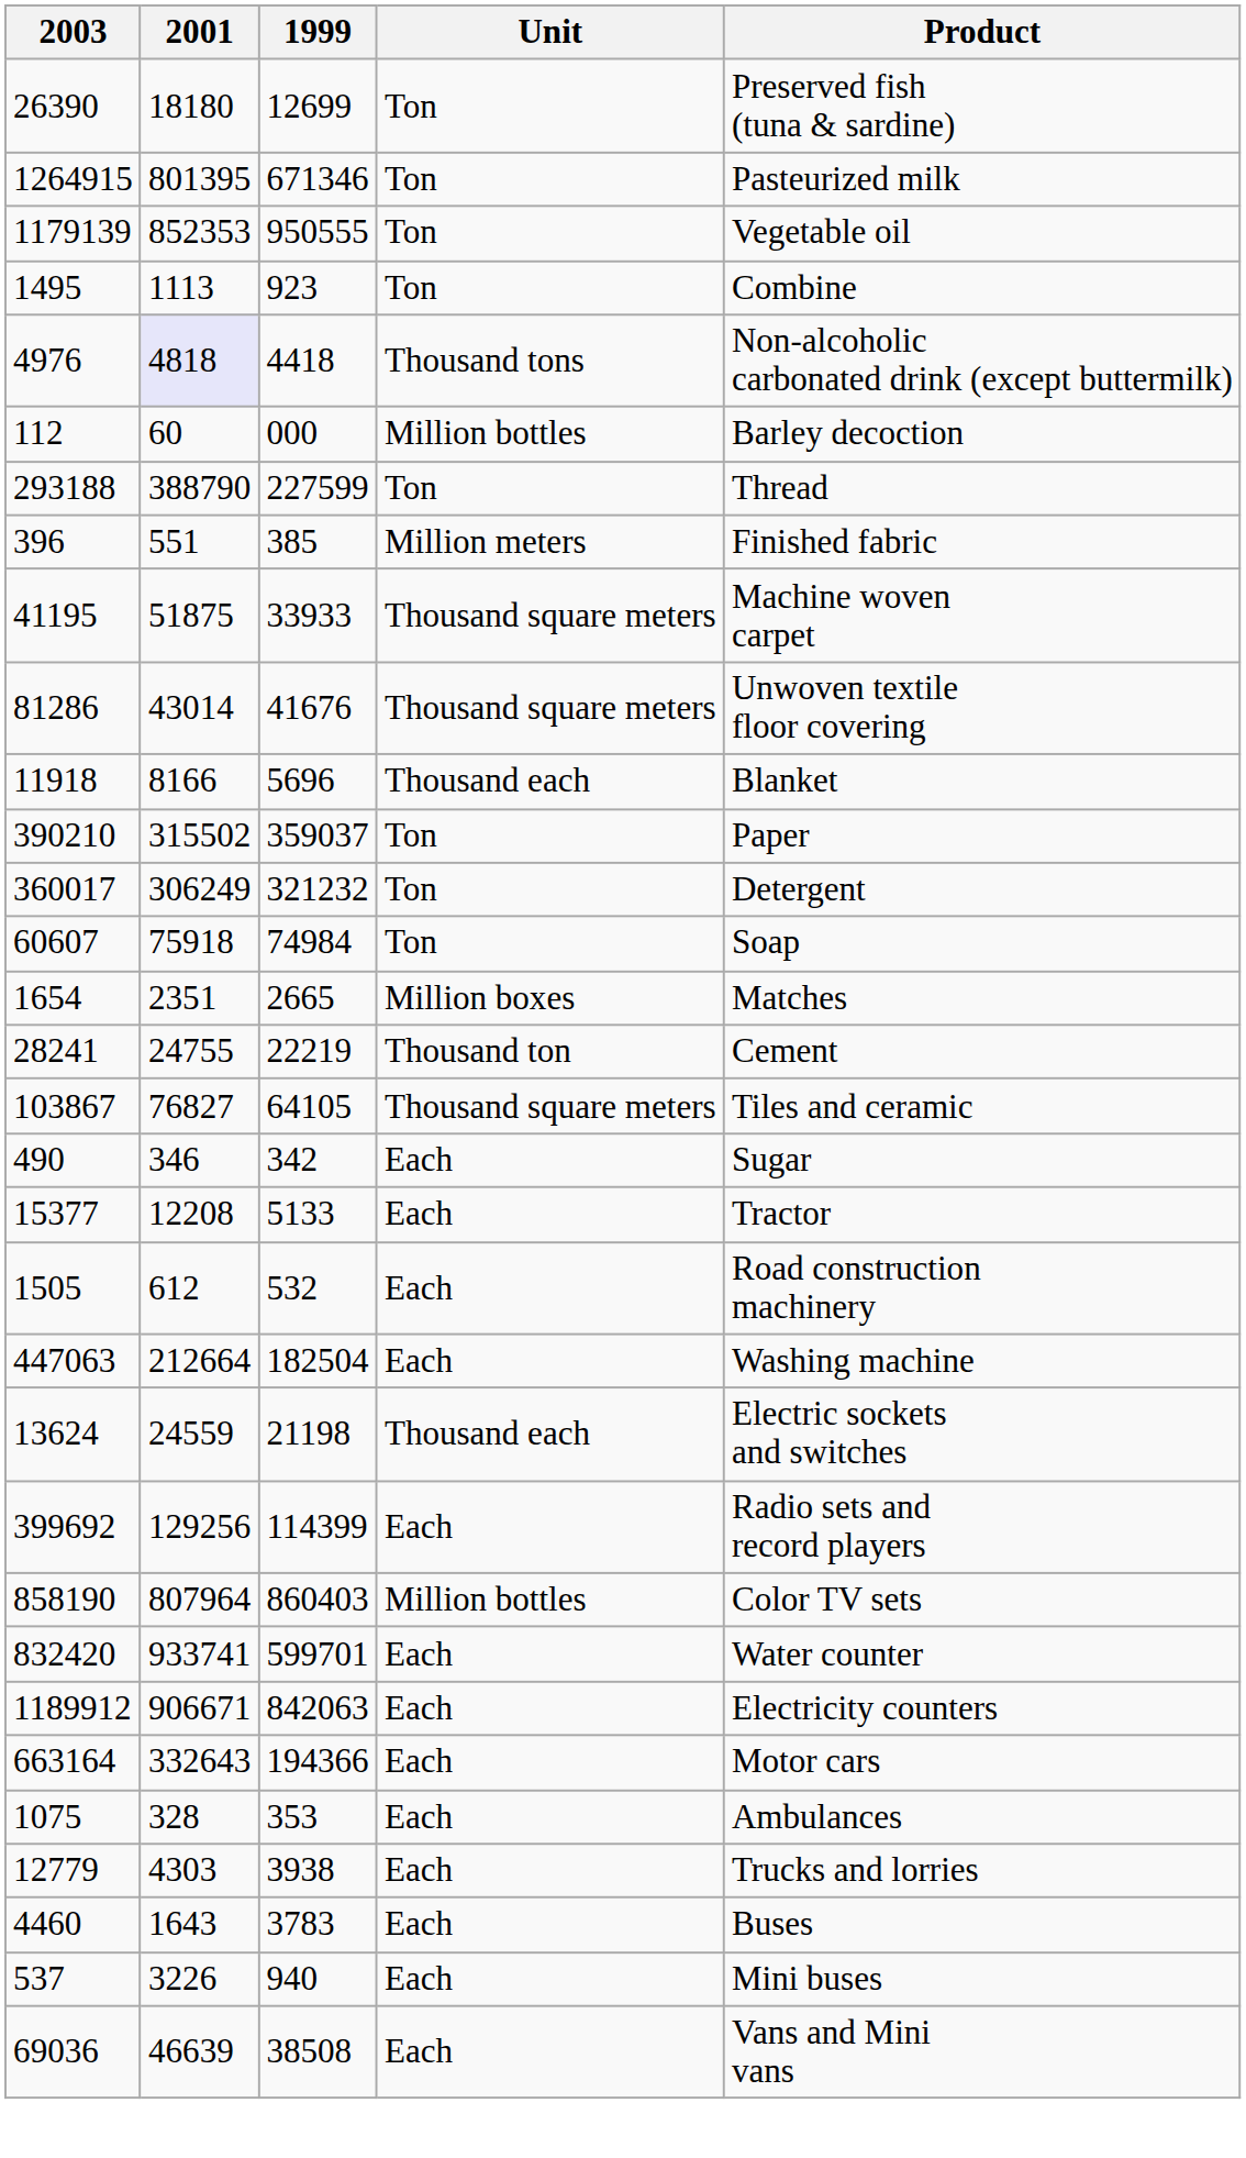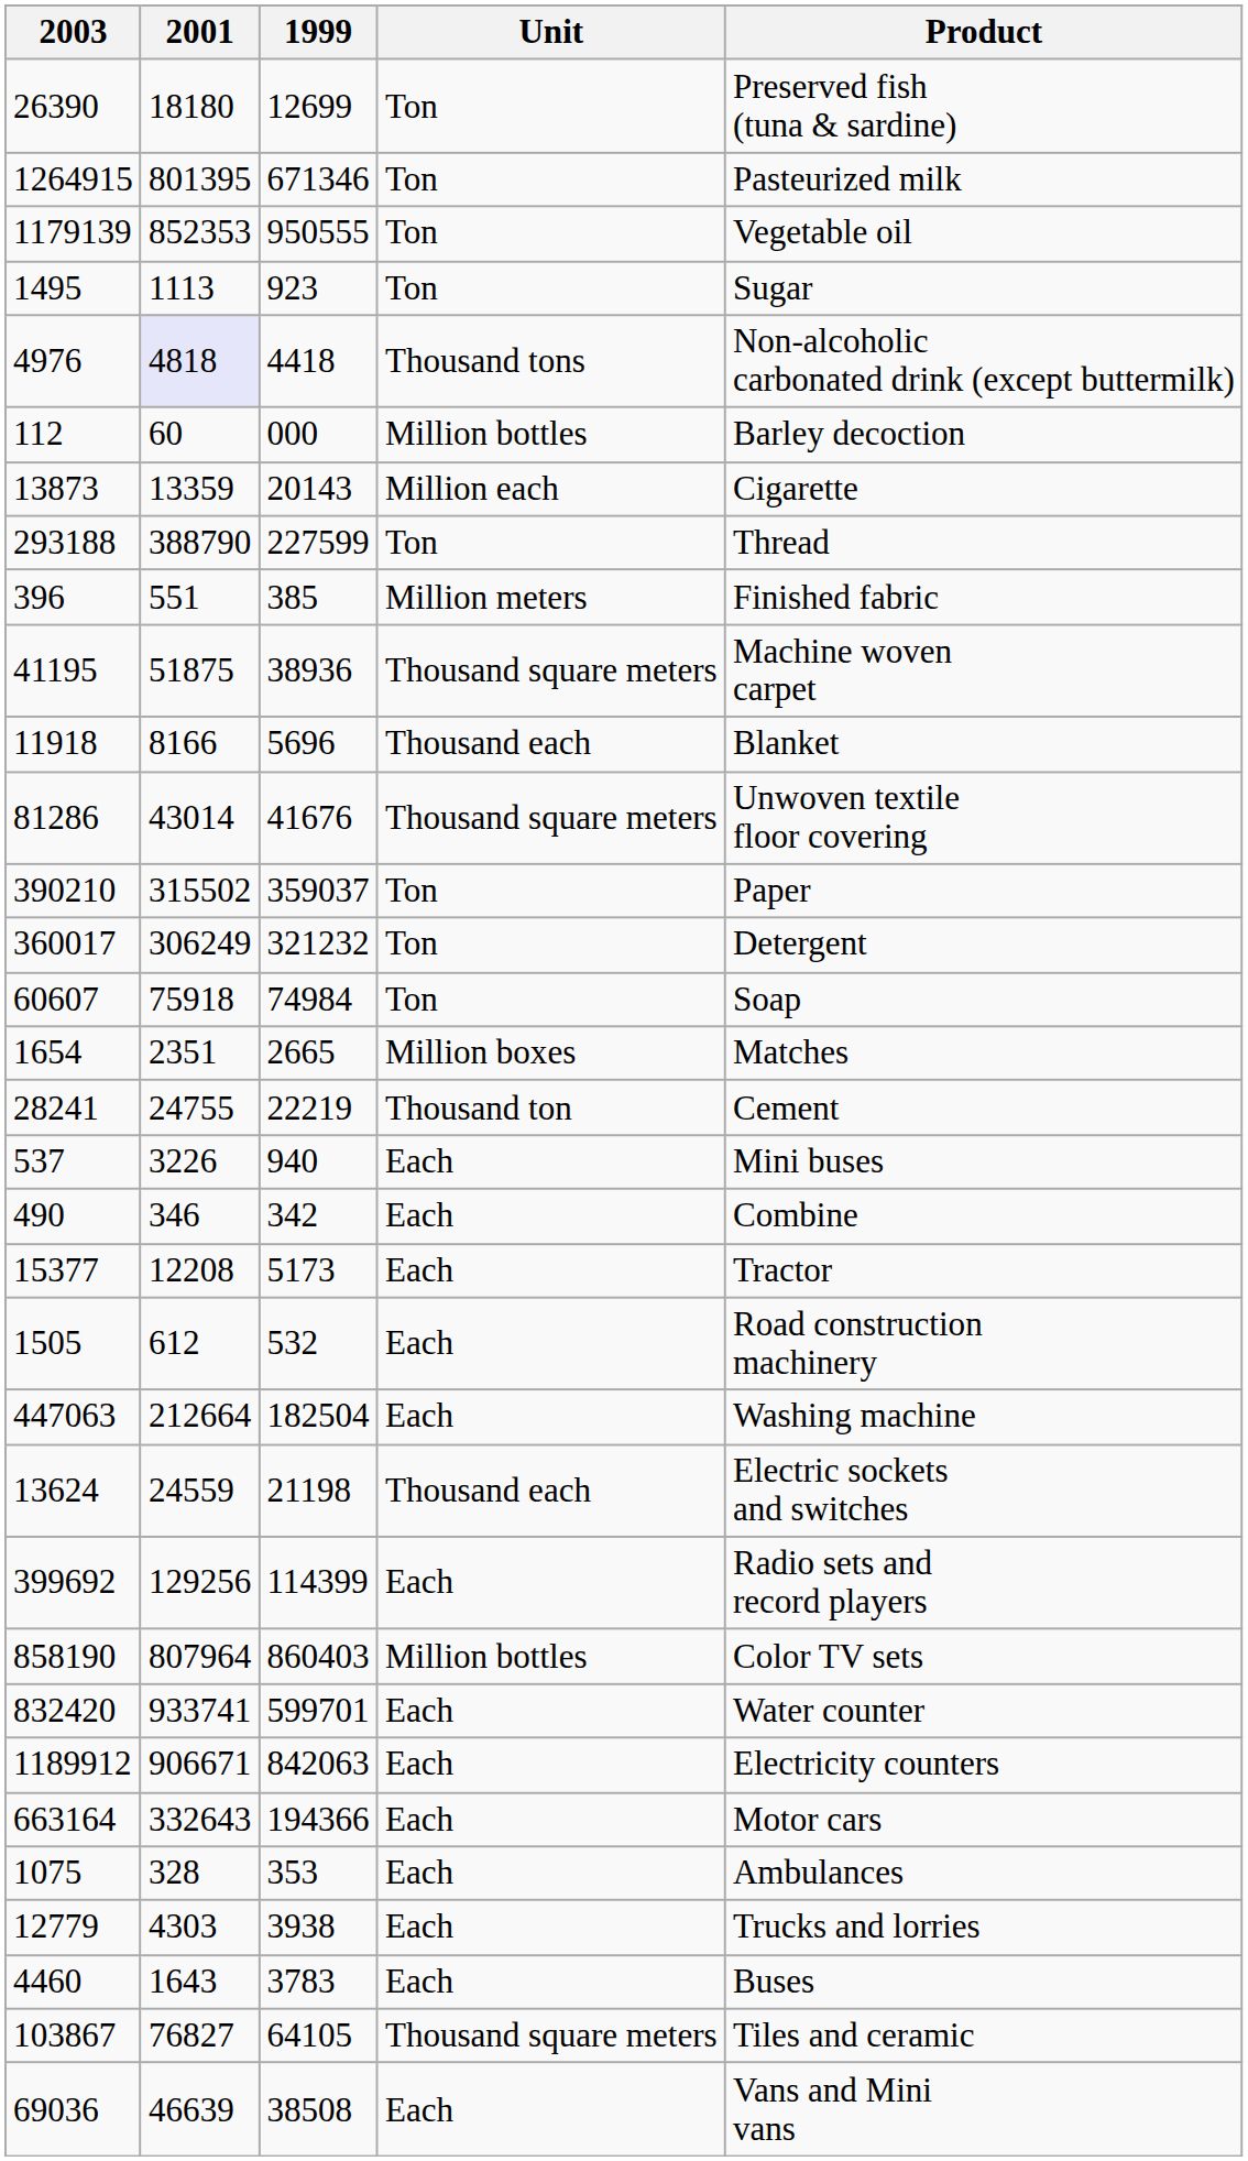 <table class="wikitable">
 <tr>
 <th>2003</th>
 <th>2001</th>
 <th>1999</th>
 <th>Unit</th>
 <th>Product</th>
 </tr>
 <tr>
 <td>26390</td>
 <td>18180</td>
 <td>12699</td>
 <td>Ton</td>
 <td>Preserved fish<br>(tuna & sardine)</td>
 </tr>
 <tr>
 <td>1264915</td>
 <td>801395</td>
 <td>671346</td>
 <td>Ton</td>
 <td>Pasteurized milk</td>
 </tr>
 <tr>
 <td>1179139</td>
 <td>852353</td>
 <td>950555</td>
 <td>Ton</td>
 <td>Vegetable oil</td>
 </tr>
 <tr>
 <td>1495</td>
 <td>1113</td>
 <td>923</td>
 <td>Ton</td>
-<td>Combine</td>
+<td>Sugar</td>
 </tr>
 <tr>
 <td>4976</td>
 <td style="background: lavender;">4818</td>
 <td>4418</td>
 <td>Thousand tons</td>
 <td>Non-alcoholic<br>carbonated drink (except buttermilk)</td>
 </tr>
 <tr>
 <td>112</td>
 <td>60</td>
 <td>000</td>
 <td>Million bottles</td>
 <td>Barley decoction</td>
+</tr>
+<tr>
+<td>13873</td>
+<td>13359</td>
+<td>20143</td>
+<td>Million each</td>
+<td>Cigarette</td>
 </tr>
 <tr>
 <td>293188</td>
 <td>388790</td>
 <td>227599</td>
 <td>Ton</td>
 <td>Thread</td>
 </tr>
 <tr>
 <td>396</td>
 <td>551</td>
 <td>385</td>
 <td>Million meters</td>
 <td>Finished fabric</td>
 </tr>
 <tr>
 <td>41195</td>
 <td>51875</td>
-<td>33933</td>
+<td>38936</td>
 <td>Thousand square meters</td>
 <td>Machine woven<br>carpet</td>
+</tr>
+<tr>
+<td>11918</td>
+<td>8166</td>
+<td>5696</td>
+<td>Thousand each</td>
+<td>Blanket</td>
 </tr>
 <tr>
 <td>81286</td>
 <td>43014</td>
 <td>41676</td>
 <td>Thousand square meters</td>
 <td>Unwoven textile<br>floor covering</td>
-</tr>
-<tr>
-<td>11918</td>
-<td>8166</td>
-<td>5696</td>
-<td>Thousand each</td>
-<td>Blanket</td>
 </tr>
 <tr>
 <td>390210</td>
 <td>315502</td>
 <td>359037</td>
 <td>Ton</td>
 <td>Paper</td>
 </tr>
 <tr>
 <td>360017</td>
 <td>306249</td>
 <td>321232</td>
 <td>Ton</td>
 <td>Detergent</td>
 </tr>
 <tr>
 <td>60607</td>
 <td>75918</td>
 <td>74984</td>
 <td>Ton</td>
 <td>Soap</td>
 </tr>
 <tr>
 <td>1654</td>
 <td>2351</td>
 <td>2665</td>
 <td>Million boxes</td>
 <td>Matches</td>
 </tr>
 <tr>
 <td>28241</td>
 <td>24755</td>
 <td>22219</td>
 <td>Thousand ton</td>
 <td>Cement</td>
 </tr>
 <tr>
-<td>103867</td>
-<td>76827</td>
-<td>64105</td>
-<td>Thousand square meters</td>
-<td>Tiles and ceramic</td>
+<td>537</td>
+<td>3226</td>
+<td>940</td>
+<td>Each</td>
+<td>Mini buses</td>
 </tr>
 <tr>
 <td>490</td>
 <td>346</td>
 <td>342</td>
 <td>Each</td>
-<td>Sugar</td>
+<td>Combine</td>
 </tr>
 <tr>
 <td>15377</td>
 <td>12208</td>
-<td>5133</td>
+<td>5173</td>
 <td>Each</td>
 <td>Tractor</td>
 </tr>
 <tr>
 <td>1505</td>
 <td>612</td>
 <td>532</td>
 <td>Each</td>
 <td>Road construction<br>machinery</td>
 </tr>
 <tr>
 <td>447063</td>
 <td>212664</td>
 <td>182504</td>
 <td>Each</td>
 <td>Washing machine</td>
 </tr>
 <tr>
 <td>13624</td>
 <td>24559</td>
 <td>21198</td>
 <td>Thousand each</td>
 <td>Electric sockets<br>and switches</td>
 </tr>
 <tr>
 <td>399692</td>
 <td>129256</td>
 <td>114399</td>
 <td>Each</td>
 <td>Radio sets and<br>record players</td>
 </tr>
 <tr>
 <td>858190</td>
 <td>807964</td>
 <td>860403</td>
 <td>Million bottles</td>
 <td>Color TV sets</td>
 </tr>
 <tr>
 <td>832420</td>
 <td>933741</td>
 <td>599701</td>
 <td>Each</td>
 <td>Water counter</td>
 </tr>
 <tr>
 <td>1189912</td>
 <td>906671</td>
 <td>842063</td>
 <td>Each</td>
 <td>Electricity counters</td>
 </tr>
 <tr>
 <td>663164</td>
 <td>332643</td>
 <td>194366</td>
 <td>Each</td>
 <td>Motor cars</td>
 </tr>
 <tr>
 <td>1075</td>
 <td>328</td>
 <td>353</td>
 <td>Each</td>
 <td>Ambulances</td>
 </tr>
 <tr>
 <td>12779</td>
 <td>4303</td>
 <td>3938</td>
 <td>Each</td>
 <td>Trucks and lorries</td>
 </tr>
 <tr>
 <td>4460</td>
 <td>1643</td>
 <td>3783</td>
 <td>Each</td>
 <td>Buses</td>
 </tr>
 <tr>
-<td>537</td>
-<td>3226</td>
-<td>940</td>
-<td>Each</td>
-<td>Mini buses</td>
+<td>103867</td>
+<td>76827</td>
+<td>64105</td>
+<td>Thousand square meters</td>
+<td>Tiles and ceramic</td>
 </tr>
 <tr>
 <td>69036</td>
 <td>46639</td>
 <td>38508</td>
 <td>Each</td>
 <td>Vans and Mini<br>vans</td>
 </tr>
 </table>
